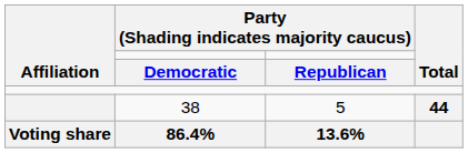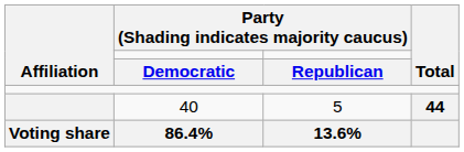 <table class=wikitable style="text-align:center">
 <tr style="vertical-align:bottom;">
 <th rowspan=3>Affiliation</th>
 <th colspan=2>Party <div>(Shading indicates majority caucus)</div></th>
 <th rowspan=3>Total</th>
 </tr>
 <tr style="height:5px">
 <td style="background-color:"></td>
 <td style="background-color:"></td>
 </tr>
 <tr>
 <th><a href='#'>Democratic</a></th>
 <th><a href='#'>Republican</a></th>
 </tr>
 <tr>
 <td colspan=5></td>
 </tr>
 <tr>
 <th nowrap style="font-size:80%"></th>
-<td>38</td>
+<td>40</td>
 <td>5</td>
 <th>44</th>
 </tr>
 <tr>
 <th>Voting share</th>
 <th>86.4%</th>
 <th>13.6%</th>
 <th colspan=2></th>
 </tr>
 </table>
